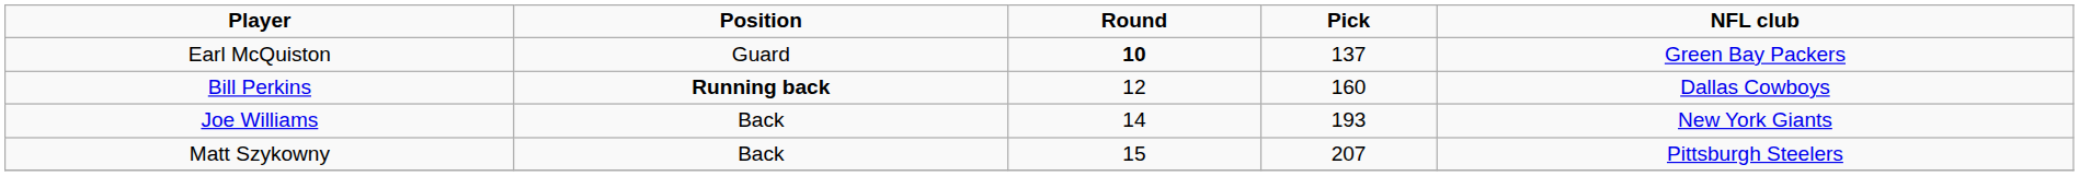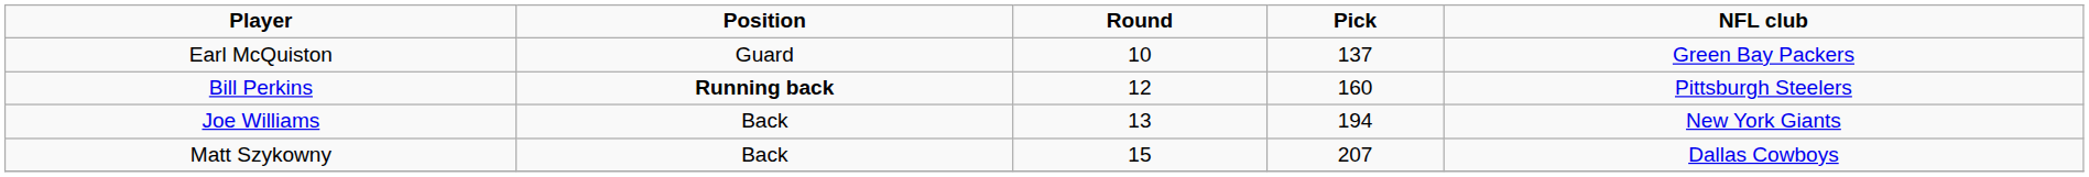 <table class="wikitable" width="80%">
 <tr align="center">
 <td><strong>Player</strong></td>
 <td><strong>Position</strong></td>
 <td><strong>Round</strong></td>
 <td><strong>Pick</strong></td>
 <td><strong>NFL club</strong></td>
 </tr>
 <tr align="center" bgcolor="">
 <td>Earl McQuiston</td>
 <td>Guard</td>
-<td><strong>10</strong></td>
+<td>10</td>
 <td>137</td>
 <td><a href='#'>Green Bay Packers</a></td>
 </tr>
 <tr align="center" bgcolor="">
 <td><a href='#'>Bill Perkins</a></td>
 <td><strong>Running back</strong></td>
 <td>12</td>
 <td>160</td>
-<td><a href='#'>Dallas Cowboys</a></td>
+<td><a href='#'>Pittsburgh Steelers</a></td>
 </tr>
 <tr align="center" bgcolor="">
 <td><a href='#'>Joe Williams</a></td>
 <td>Back</td>
-<td>14</td>
-<td>193</td>
+<td>13</td>
+<td>194</td>
 <td><a href='#'>New York Giants</a></td>
 </tr>
 <tr align="center" bgcolor="">
 <td>Matt Szykowny</td>
 <td>Back</td>
 <td>15</td>
 <td>207</td>
-<td><a href='#'>Pittsburgh Steelers</a></td>
+<td><a href='#'>Dallas Cowboys</a></td>
 </tr>
 <tr align="center" bgcolor="">
 </tr>
 </table>
